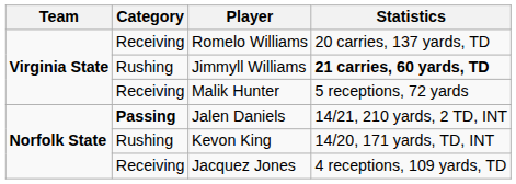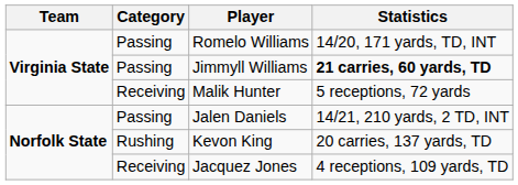 <table class="wikitable" style="float: right;">
 <tr>
 <th>Team</th>
 <th>Category</th>
 <th>Player</th>
 <th>Statistics</th>
 </tr>
 <tr>
 <td rowspan=3><strong>Virginia State</strong></td>
-<td>Receiving</td>
+<td>Passing</td>
 <td>Romelo Williams</td>
-<td>20 carries, 137 yards, TD</td>
+<td>14/20, 171 yards, TD, INT</td>
 </tr>
 <tr>
-<td>Rushing</td>
+<td>Passing</td>
 <td>Jimmyll Williams</td>
 <td><strong>21 carries, 60 yards, TD</strong></td>
 </tr>
 <tr>
 <td>Receiving</td>
 <td>Malik Hunter</td>
 <td>5 receptions, 72 yards</td>
 </tr>
 <tr>
 <td rowspan=3><strong>Norfolk State</strong></td>
-<td><strong>Passing</strong></td>
+<td>Passing</td>
 <td>Jalen Daniels</td>
 <td>14/21, 210 yards, 2 TD, INT</td>
 </tr>
 <tr>
 <td>Rushing</td>
 <td>Kevon King</td>
-<td>14/20, 171 yards, TD, INT</td>
+<td>20 carries, 137 yards, TD</td>
 </tr>
 <tr>
 <td>Receiving</td>
 <td>Jacquez Jones</td>
 <td>4 receptions, 109 yards, TD</td>
 </tr>
 </table>
